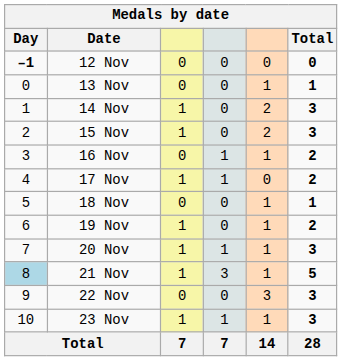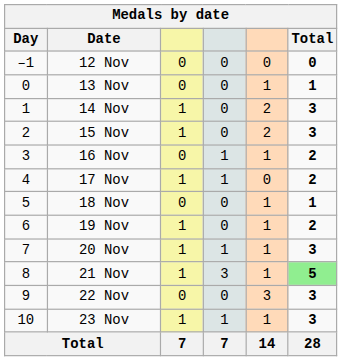 <table class="wikitable" style="font-size:90%; text-align:center;">
 <tr style="background:#efefef;">
 <th colspan=6><strong>Medals by date</strong></th>
 </tr>
 <tr>
 <th width=30><strong>Day</strong></th>
 <th width=90><strong>Date</strong></th>
 <th width=30 style="background:#F7F6A8;"></th>
 <th width=30 style="background:#DCE5E5;"></th>
 <th width=30 style="background:#FFDAB9;"></th>
 <th width=30><strong>Total</strong></th>
 </tr>
 <tr>
-<td><strong>–1</strong></td>
+<td>–1</td>
 <td>12 Nov</td>
 <td style="background:#F7F6A8;">0</td>
 <td style="background:#DCE5E5;">0</td>
 <td style="background:#FFDAB9;">0</td>
 <td><strong>0</strong></td>
 </tr>
 <tr>
 <td>0</td>
 <td>13 Nov</td>
 <td style="background:#F7F6A8;">0</td>
 <td style="background:#DCE5E5;">0</td>
 <td style="background:#FFDAB9;">1</td>
 <td><strong>1</strong></td>
 </tr>
 <tr>
 <td>1</td>
 <td>14 Nov</td>
 <td style="background:#F7F6A8;">1</td>
 <td style="background:#DCE5E5;">0</td>
 <td style="background:#FFDAB9;">2</td>
 <td><strong>3</strong></td>
 </tr>
 <tr>
 <td>2</td>
 <td>15 Nov</td>
 <td style="background:#F7F6A8;">1</td>
 <td style="background:#DCE5E5;">0</td>
 <td style="background:#FFDAB9;">2</td>
 <td><strong>3</strong></td>
 </tr>
 <tr>
 <td>3</td>
 <td>16 Nov</td>
 <td style="background:#F7F6A8;">0</td>
 <td style="background:#DCE5E5;">1</td>
 <td style="background:#FFDAB9;">1</td>
 <td><strong>2</strong></td>
 </tr>
 <tr>
 <td>4</td>
 <td>17 Nov</td>
 <td style="background:#F7F6A8;">1</td>
 <td style="background:#DCE5E5;">1</td>
 <td style="background:#FFDAB9;">0</td>
 <td><strong>2</strong></td>
 </tr>
 <tr>
 <td>5</td>
 <td>18 Nov</td>
 <td style="background:#F7F6A8;">0</td>
 <td style="background:#DCE5E5;">0</td>
 <td style="background:#FFDAB9;">1</td>
 <td><strong>1</strong></td>
 </tr>
 <tr>
 <td>6</td>
 <td>19 Nov</td>
 <td style="background:#F7F6A8;">1</td>
 <td style="background:#DCE5E5;">0</td>
 <td style="background:#FFDAB9;">1</td>
 <td><strong>2</strong></td>
 </tr>
 <tr>
 <td>7</td>
 <td>20 Nov</td>
 <td style="background:#F7F6A8;">1</td>
 <td style="background:#DCE5E5;">1</td>
 <td style="background:#FFDAB9;">1</td>
 <td><strong>3</strong></td>
 </tr>
 <tr>
-<td style="background: lightblue;">8</td>
+<td>8</td>
 <td>21 Nov</td>
 <td style="background:#F7F6A8;">1</td>
 <td style="background:#DCE5E5;">3</td>
 <td style="background:#FFDAB9;">1</td>
-<td><strong>5</strong></td>
+<td style="background: lightgreen;"><strong>5</strong></td>
 </tr>
 <tr>
 <td>9</td>
 <td>22 Nov</td>
 <td style="background:#F7F6A8;">0</td>
 <td style="background:#DCE5E5;">0</td>
 <td style="background:#FFDAB9;">3</td>
 <td><strong>3</strong></td>
 </tr>
 <tr>
 <td>10</td>
 <td>23 Nov</td>
 <td style="background:#F7F6A8;">1</td>
 <td style="background:#DCE5E5;">1</td>
 <td style="background:#FFDAB9;">1</td>
 <td><strong>3</strong></td>
 </tr>
 <tr>
 <th colspan="2"><strong>Total</strong></th>
 <th><strong>7</strong></th>
 <th><strong>7</strong></th>
 <th><strong>14</strong></th>
 <th><strong>28</strong></th>
 </tr>
 </table>
